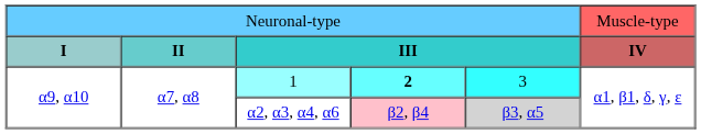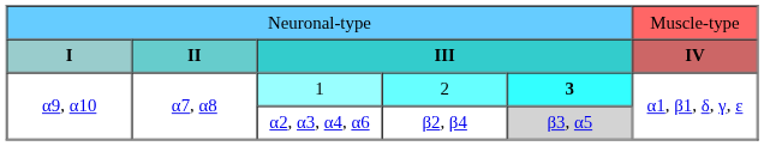 <table border="1" cellpadding="5" cellspacing="0" style="margin: 1em auto 1em auto;">
 <tr>
 <td style="text-align: center; background:#66ccff;" colspan="5">Neuronal-type</td>
 <td style="text-align: center; background:#ff6666;">Muscle-type</td>
 </tr>
 <tr>
 <th style="background:#99cccc;" width="100">I</th>
 <th style="background:#66cccc;" width="100">II</th>
 <th style="background:#33cccc;" width="300" colspan="3">III</th>
 <th style="background:#cc6666;" width="100">IV</th>
 </tr>
 <tr>
 <td style="text-align: center;" rowspan="2"><a href='#'>α9</a>, <a href='#'>α10</a></td>
 <td style="text-align: center;" rowspan="2"><a href='#'>α7</a>, <a href='#'>α8</a></td>
 <td width="100" style="text-align: center; background:#99ffff;">1</td>
-<td width="100" style="text-align: center; background:#66ffff;"><strong>2</strong></td>
-<td width="100" style="text-align: center; background:#33ffff;">3</td>
+<td width="100" style="text-align: center; background:#66ffff;">2</td>
+<td width="100" style="text-align: center; background:#33ffff;"><strong>3</strong></td>
 <td style="text-align: center;" rowspan="2"><a href='#'>α1</a>, <a href='#'>β1</a>, <a href='#'>δ</a>, <a href='#'>γ</a>, <a href='#'>ε</a></td>
 </tr>
 <tr>
 <td style="text-align: center;"><a href='#'>α2</a>, <a href='#'>α3</a>, <a href='#'>α4</a>, <a href='#'>α6</a></td>
-<td style="background: pink; text-align: center;"><a href='#'>β2</a>, <a href='#'>β4</a></td>
+<td style="text-align: center;"><a href='#'>β2</a>, <a href='#'>β4</a></td>
 <td style="background: lightgrey; text-align: center;"><a href='#'>β3</a>, <a href='#'>α5</a></td>
 </tr>
 </table>
